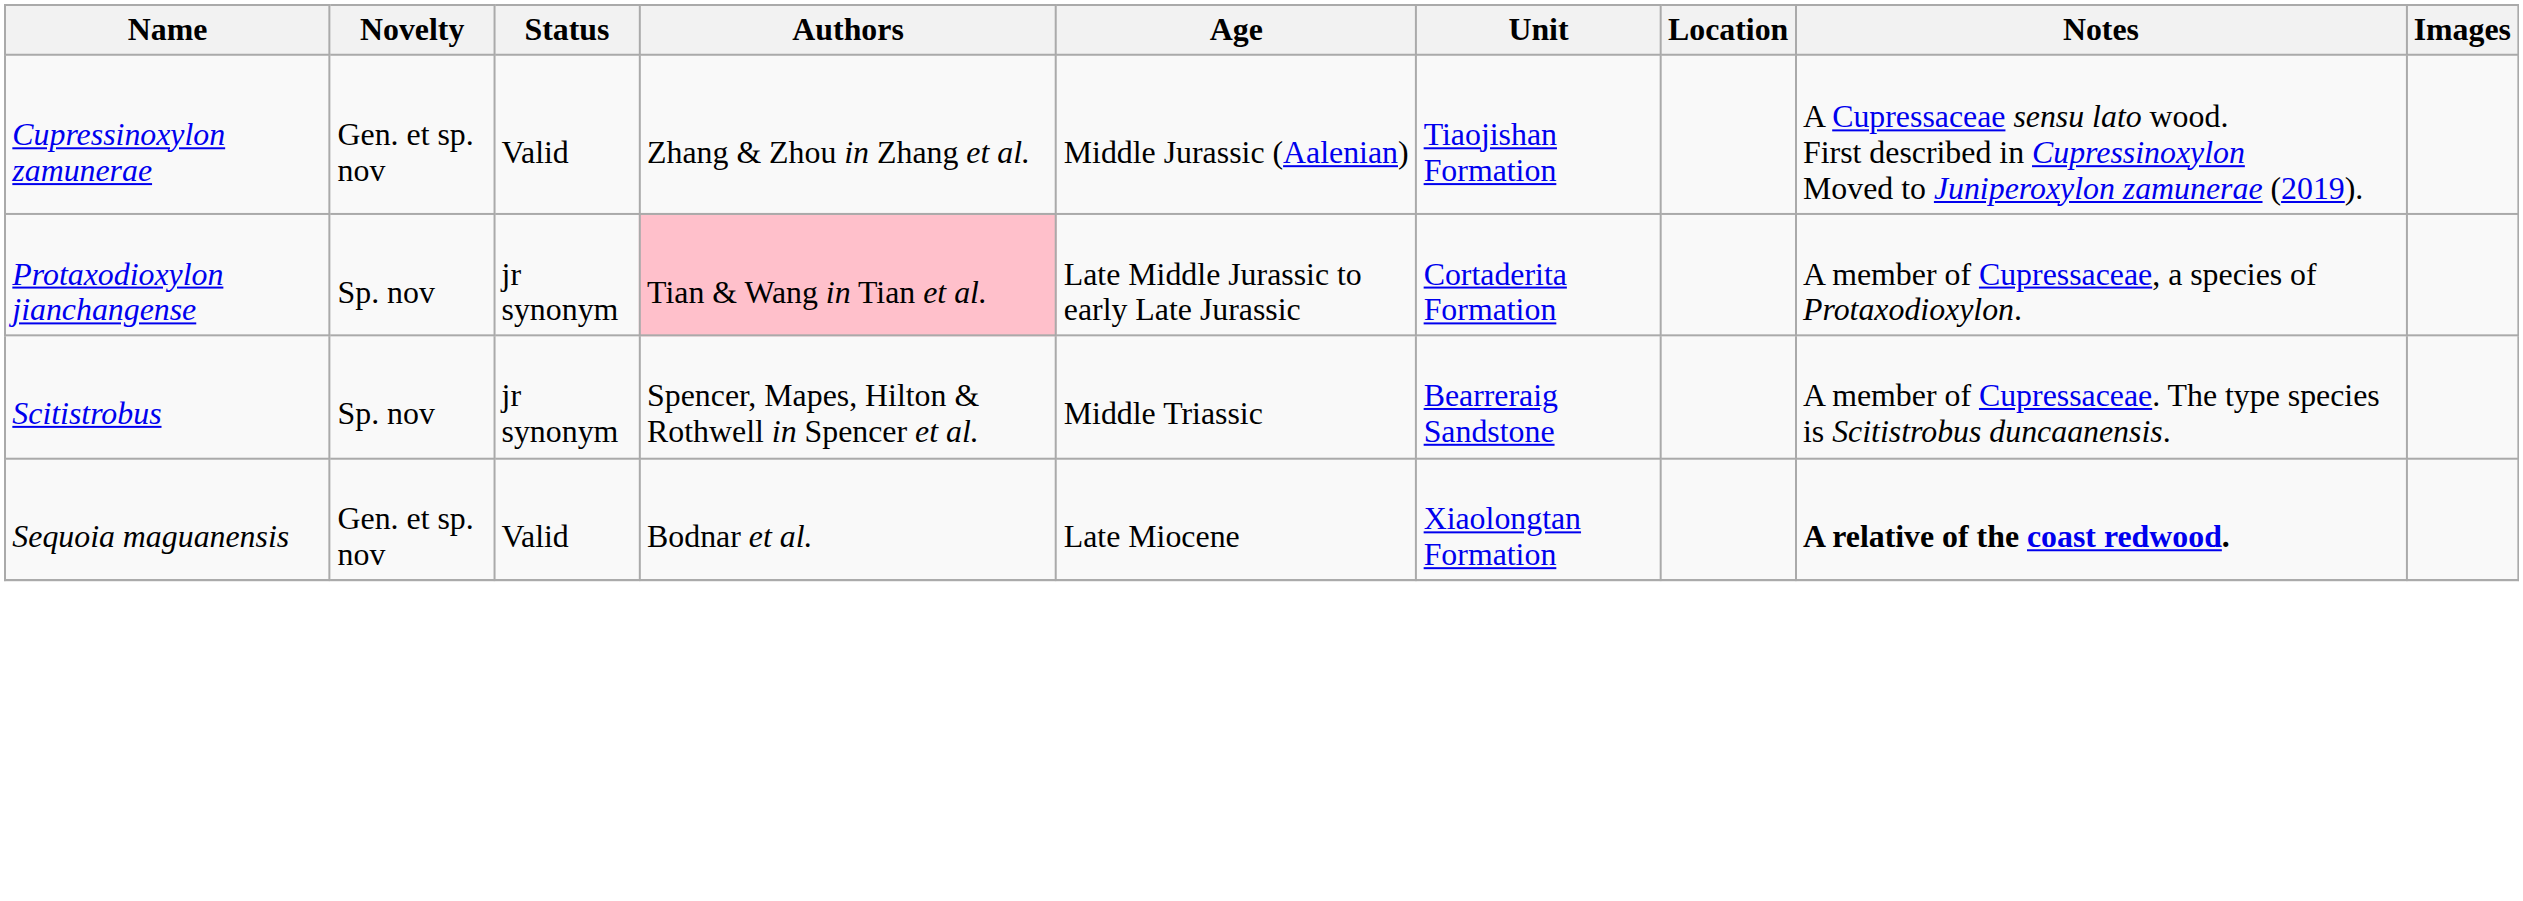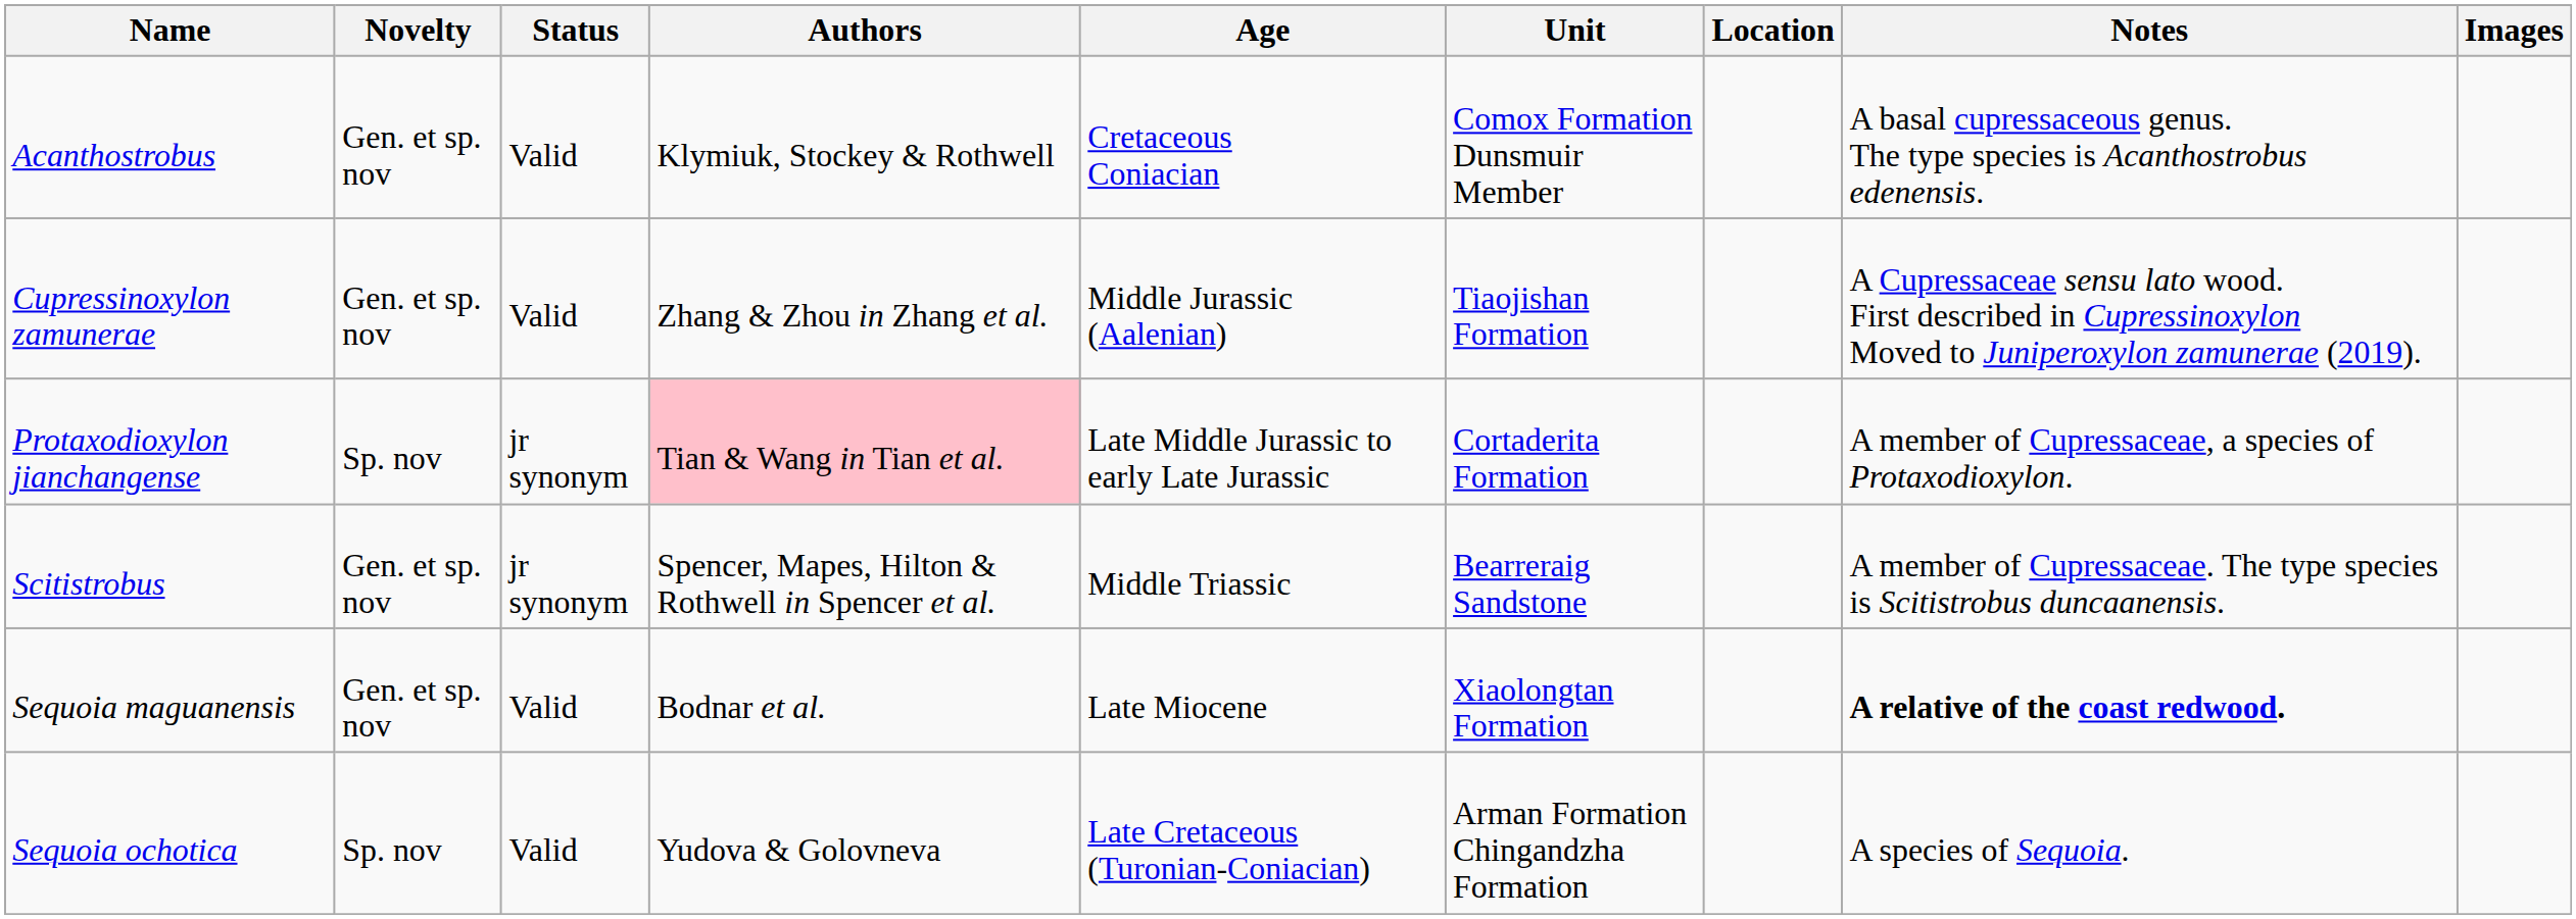 <table class="wikitable sortable" align="center" width="100%">
 <tr>
 <th>Name</th>
 <th>Novelty</th>
 <th>Status</th>
 <th>Authors</th>
 <th>Age</th>
 <th>Unit</th>
 <th>Location</th>
 <th>Notes</th>
 <th>Images</th>
+</tr>
+<tr>
+<td><br><em><a href='#'>Acanthostrobus</a></em></td>
+<td><br>Gen. et sp. nov</td>
+<td><br>Valid</td>
+<td><br>Klymiuk, Stockey & Rothwell</td>
+<td><br><a href='#'>Cretaceous</a><br><a href='#'>Coniacian</a></td>
+<td><br><a href='#'>Comox Formation</a><br>Dunsmuir Member</td>
+<td><br><br></td>
+<td><br>A basal <a href='#'>cupressaceous</a> genus.<br> The type species is <em>Acanthostrobus edenensis</em>.</td>
+<td></td>
 </tr>
 <tr>
 <td><br><em><a href='#'>Cupressinoxylon zamunerae</a></em></td>
 <td><br>Gen. et sp. nov</td>
 <td><br>Valid</td>
 <td><br>Zhang & Zhou <em>in</em> Zhang <em>et al.</em></td>
 <td><br>Middle Jurassic (<a href='#'>Aalenian</a>)</td>
 <td><br><a href='#'>Tiaojishan Formation</a></td>
 <td><br></td>
 <td><br>A <a href='#'>Cupressaceae</a> <em>sensu lato</em> wood.<br> First described in <em><a href='#'>Cupressinoxylon</a></em><br> Moved to <em><a href='#'>Juniperoxylon zamunerae</a></em> (<a href='#'>2019</a>).</td>
 <td></td>
 </tr>
 <tr>
 <td><br><em><a href='#'>Protaxodioxylon jianchangense</a></em></td>
 <td><br>Sp. nov</td>
 <td><br>jr synonym</td>
 <td style="background: pink;"><br>Tian & Wang <em>in</em> Tian <em>et al.</em></td>
 <td><br>Late Middle Jurassic to early Late Jurassic</td>
 <td><br><a href='#'>Cortaderita Formation</a></td>
 <td><br></td>
 <td><br>A member of <a href='#'>Cupressaceae</a>, a species of <em>Protaxodioxylon</em>.</td>
 <td></td>
 </tr>
 <tr>
 <td><br><em><a href='#'>Scitistrobus</a></em></td>
-<td><br>Sp. nov</td>
+<td><br>Gen. et sp. nov</td>
 <td><br>jr synonym</td>
 <td><br>Spencer, Mapes, Hilton & Rothwell <em>in</em> Spencer <em>et al.</em></td>
 <td><br>Middle Triassic</td>
 <td><br><a href='#'>Bearreraig Sandstone</a></td>
 <td><br></td>
 <td><br>A member of <a href='#'>Cupressaceae</a>. The type species is <em>Scitistrobus duncaanensis</em>.</td>
 <td></td>
 </tr>
 <tr>
 <td><br><em>Sequoia maguanensis</em></td>
 <td><br>Gen. et sp. nov</td>
 <td><br>Valid</td>
 <td><br>Bodnar <em>et al.</em></td>
 <td><br>Late Miocene</td>
 <td><br><a href='#'>Xiaolongtan Formation</a></td>
 <td><br></td>
 <td><strong><br>A relative of the <a href='#'>coast redwood</a>.</strong></td>
 <td></td>
 </tr>
 <tr>
+<td><br><em><a href='#'>Sequoia ochotica</a></em></td>
+<td><br>Sp. nov</td>
+<td><br>Valid</td>
+<td><br>Yudova & Golovneva</td>
+<td><br><a href='#'>Late Cretaceous</a> (<a href='#'>Turonian</a>-<a href='#'>Coniacian</a>)</td>
+<td><br>Arman Formation<br> Chingandzha Formation</td>
+<td><br></td>
+<td><br>A species of <em><a href='#'>Sequoia</a></em>.</td>
+<td></td>
+</tr>
+<tr>
 </tr>
 </table>
